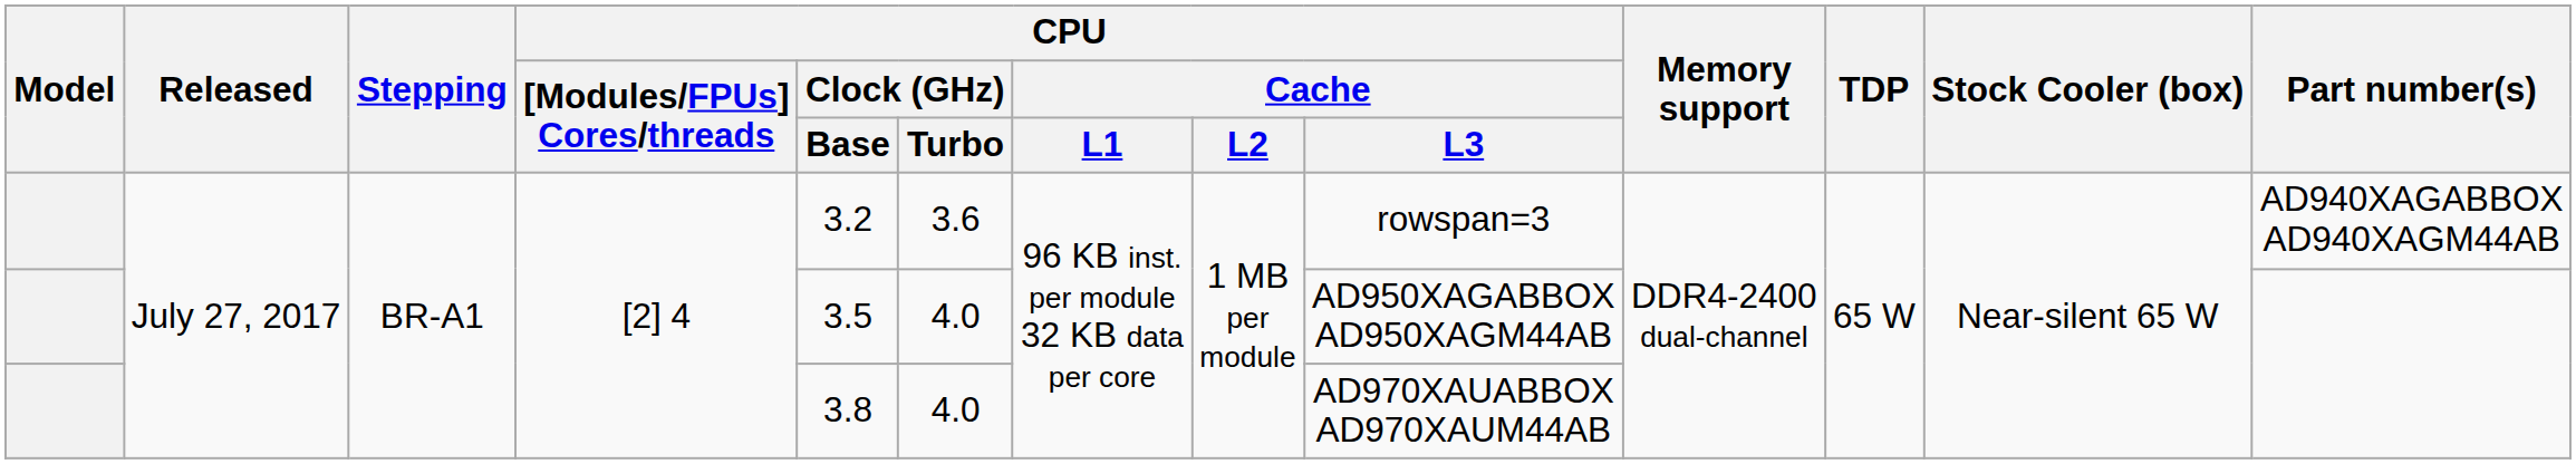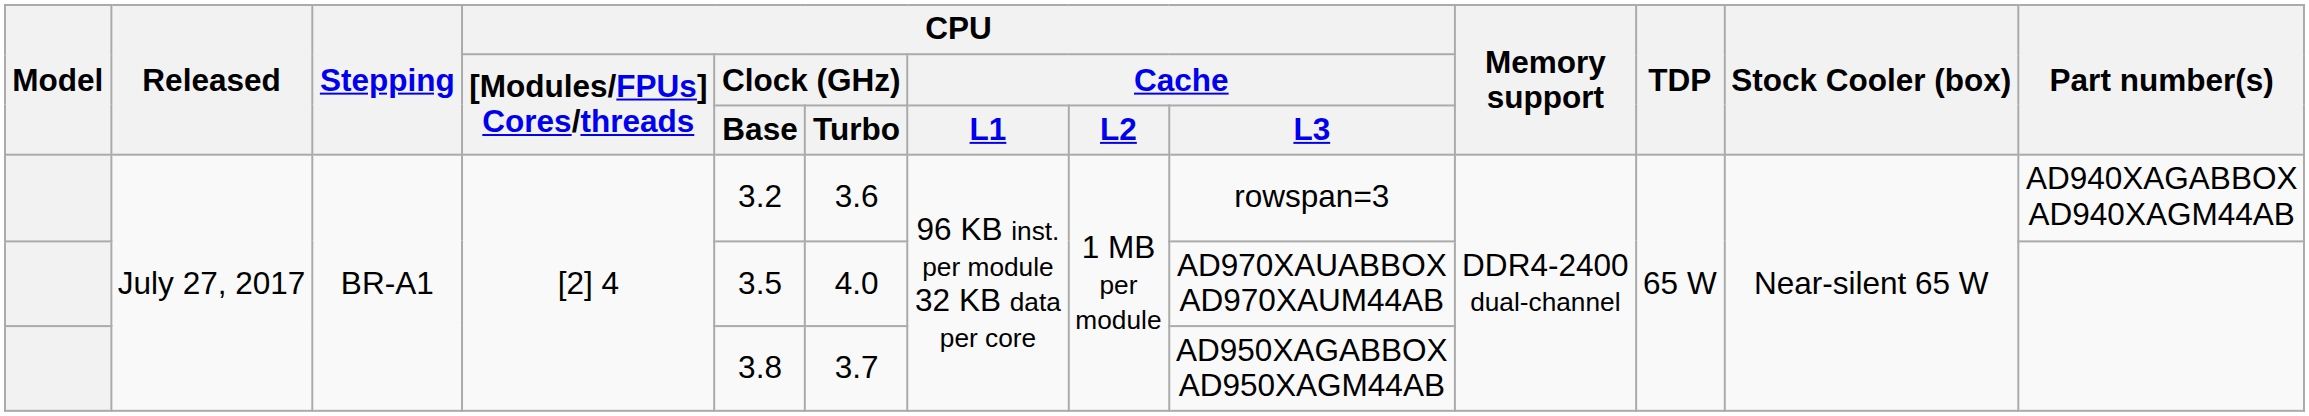 <table class="wikitable" style="text-align:center;">
 <tr>
 <th rowspan=3>Model</th>
 <th rowspan=3>Released</th>
 <th rowspan=3><a href='#'>Stepping</a></th>
 <th colspan=6>CPU</th>
 <th rowspan=3>Memory<br>support</th>
 <th rowspan=3>TDP</th>
 <th rowspan=3>Stock Cooler (box)</th>
 <th rowspan=3>Part number(s)</th>
 </tr>
 <tr>
 <th rowspan=2>[Modules/<a href='#'>FPUs</a>]<br><a href='#'>Cores</a>/<a href='#'>threads</a></th>
 <th colspan=2>Clock (GHz)</th>
 <th colspan=3><a href='#'>Cache</a></th>
 </tr>
 <tr>
 <th>Base</th>
 <th>Turbo</th>
 <th><a href='#'>L1</a></th>
 <th><a href='#'>L2</a></th>
 <th><a href='#'>L3</a></th>
 </tr>
 <tr>
 <th style="text-align: left"></th>
 <td rowspan=3>July 27, 2017</td>
 <td rowspan=3>BR-A1</td>
 <td rowspan=3>[2] 4</td>
 <td>3.2</td>
 <td>3.6</td>
 <td rowspan=3>96 KB <small>inst.<br>per module</small><br>32 KB <small>data<br>per core</small></td>
 <td rowspan=3>1 MB<br><small>per<br>module</small></td>
 <td>rowspan=3 </td>
 <td rowspan=3>DDR4-2400<br><small>dual-channel</small></td>
 <td rowspan=3>65 W</td>
 <td rowspan=3>Near-silent 65 W</td>
 <td>AD940XAGABBOX<br>AD940XAGM44AB</td>
 </tr>
 <tr>
 <th style="text-align: left"></th>
 <td>3.5</td>
 <td>4.0</td>
-<td>AD950XAGABBOX<br>AD950XAGM44AB</td>
+<td>AD970XAUABBOX<br>AD970XAUM44AB</td>
 </tr>
 <tr>
 <th style="text-align: left"></th>
 <td>3.8</td>
-<td>4.0</td>
-<td>AD970XAUABBOX<br>AD970XAUM44AB</td>
+<td>3.7</td>
+<td>AD950XAGABBOX<br>AD950XAGM44AB</td>
 </tr>
 </table>
